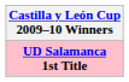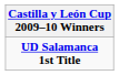 <table class="wikitable" style="text-align: center; margin: 0 auto;">
 <tr>
 <th><a href='#'>Castilla y León Cup</a><br>2009–10 Winners</th>
 </tr>
 <tr>
-<td style="background: pink;"><strong><a href='#'>UD Salamanca</a></strong><br><strong>1st Title</strong></td>
+<td><strong><a href='#'>UD Salamanca</a></strong><br><strong>1st Title</strong></td>
 </tr>
 </table>
